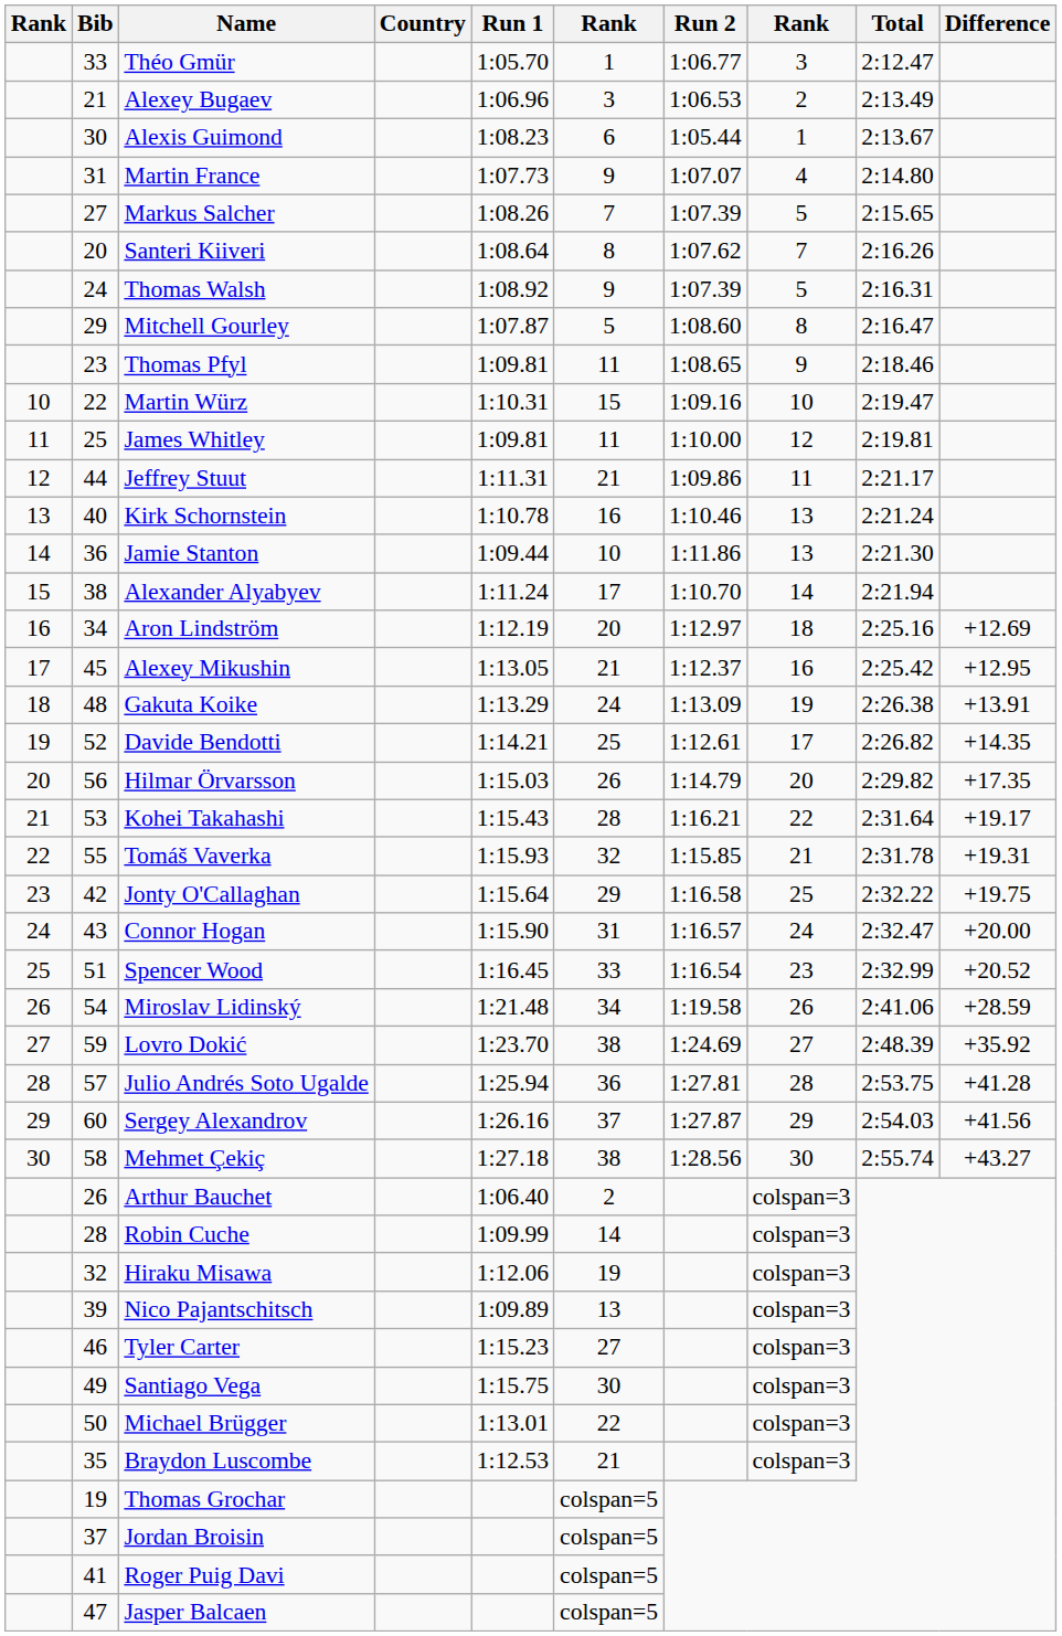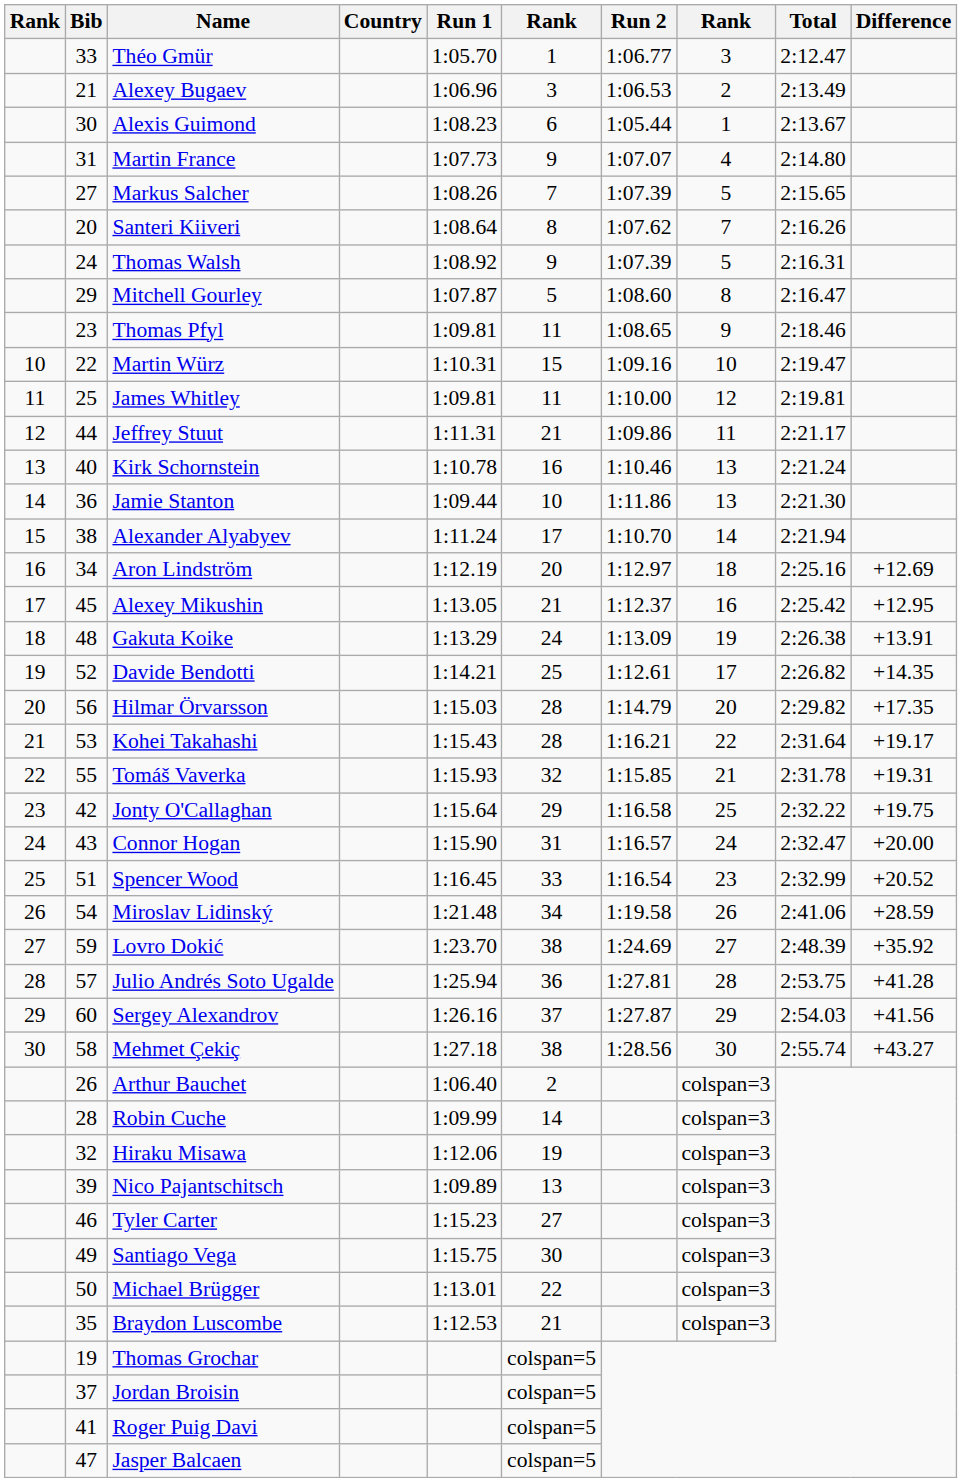 <table class="wikitable sortable" style="text-align:center">
 <tr>
 <th>Rank</th>
 <th>Bib</th>
 <th>Name</th>
 <th>Country</th>
 <th>Run 1</th>
 <th>Rank</th>
 <th>Run 2</th>
 <th>Rank</th>
 <th>Total</th>
 <th>Difference</th>
 </tr>
 <tr>
 <td></td>
 <td>33</td>
 <td align="left"><a href='#'>Théo Gmür</a></td>
 <td align="left"></td>
 <td>1:05.70</td>
 <td>1</td>
 <td>1:06.77</td>
 <td>3</td>
 <td>2:12.47</td>
 <td></td>
 </tr>
 <tr>
 <td></td>
 <td>21</td>
 <td align="left"><a href='#'>Alexey Bugaev</a></td>
 <td align="left"></td>
 <td>1:06.96</td>
 <td>3</td>
 <td>1:06.53</td>
 <td>2</td>
 <td>2:13.49</td>
 <td></td>
 </tr>
 <tr>
 <td></td>
 <td>30</td>
 <td align="left"><a href='#'>Alexis Guimond</a></td>
 <td align="left"></td>
 <td>1:08.23</td>
 <td>6</td>
 <td>1:05.44</td>
 <td>1</td>
 <td>2:13.67</td>
 <td></td>
 </tr>
 <tr>
 <td></td>
 <td>31</td>
 <td align="left"><a href='#'>Martin France</a></td>
 <td align="left"></td>
 <td>1:07.73</td>
 <td>9</td>
 <td>1:07.07</td>
 <td>4</td>
 <td>2:14.80</td>
 <td></td>
 </tr>
 <tr>
 <td></td>
 <td>27</td>
 <td align="left"><a href='#'>Markus Salcher</a></td>
 <td align="left"></td>
 <td>1:08.26</td>
 <td>7</td>
 <td>1:07.39</td>
 <td>5</td>
 <td>2:15.65</td>
 <td></td>
 </tr>
 <tr>
 <td></td>
 <td>20</td>
 <td align="left"><a href='#'>Santeri Kiiveri</a></td>
 <td align="left"></td>
 <td>1:08.64</td>
 <td>8</td>
 <td>1:07.62</td>
 <td>7</td>
 <td>2:16.26</td>
 <td></td>
 </tr>
 <tr>
 <td></td>
 <td>24</td>
 <td align="left"><a href='#'>Thomas Walsh</a></td>
 <td align="left"></td>
 <td>1:08.92</td>
 <td>9</td>
 <td>1:07.39</td>
 <td>5</td>
 <td>2:16.31</td>
 <td></td>
 </tr>
 <tr>
 <td></td>
 <td>29</td>
 <td align="left"><a href='#'>Mitchell Gourley</a></td>
 <td align="left"></td>
 <td>1:07.87</td>
 <td>5</td>
 <td>1:08.60</td>
 <td>8</td>
 <td>2:16.47</td>
 <td></td>
 </tr>
 <tr>
 <td></td>
 <td>23</td>
 <td align="left"><a href='#'>Thomas Pfyl</a></td>
 <td align="left"></td>
 <td>1:09.81</td>
 <td>11</td>
 <td>1:08.65</td>
 <td>9</td>
 <td>2:18.46</td>
 <td></td>
 </tr>
 <tr>
 <td>10</td>
 <td>22</td>
 <td align="left"><a href='#'>Martin Würz</a></td>
 <td align="left"></td>
 <td>1:10.31</td>
 <td>15</td>
 <td>1:09.16</td>
 <td>10</td>
 <td>2:19.47</td>
 <td></td>
 </tr>
 <tr>
 <td>11</td>
 <td>25</td>
 <td align="left"><a href='#'>James Whitley</a></td>
 <td align="left"></td>
 <td>1:09.81</td>
 <td>11</td>
 <td>1:10.00</td>
 <td>12</td>
 <td>2:19.81</td>
 <td></td>
 </tr>
 <tr>
 <td>12</td>
 <td>44</td>
 <td align="left"><a href='#'>Jeffrey Stuut</a></td>
 <td align="left"></td>
 <td>1:11.31</td>
 <td>21</td>
 <td>1:09.86</td>
 <td>11</td>
 <td>2:21.17</td>
 <td></td>
 </tr>
 <tr>
 <td>13</td>
 <td>40</td>
 <td align="left"><a href='#'>Kirk Schornstein</a></td>
 <td align="left"></td>
 <td>1:10.78</td>
 <td>16</td>
 <td>1:10.46</td>
 <td>13</td>
 <td>2:21.24</td>
 <td></td>
 </tr>
 <tr>
 <td>14</td>
 <td>36</td>
 <td align="left"><a href='#'>Jamie Stanton</a></td>
 <td align="left"></td>
 <td>1:09.44</td>
 <td>10</td>
 <td>1:11.86</td>
 <td>13</td>
 <td>2:21.30</td>
 <td></td>
 </tr>
 <tr>
 <td>15</td>
 <td>38</td>
 <td align="left"><a href='#'>Alexander Alyabyev</a></td>
 <td align="left"></td>
 <td>1:11.24</td>
 <td>17</td>
 <td>1:10.70</td>
 <td>14</td>
 <td>2:21.94</td>
 <td></td>
 </tr>
 <tr>
 <td>16</td>
 <td>34</td>
 <td align="left"><a href='#'>Aron Lindström</a></td>
 <td align="left"></td>
 <td>1:12.19</td>
 <td>20</td>
 <td>1:12.97</td>
 <td>18</td>
 <td>2:25.16</td>
 <td>+12.69</td>
 </tr>
 <tr>
 <td>17</td>
 <td>45</td>
 <td align="left"><a href='#'>Alexey Mikushin</a></td>
 <td align="left"></td>
 <td>1:13.05</td>
 <td>21</td>
 <td>1:12.37</td>
 <td>16</td>
 <td>2:25.42</td>
 <td>+12.95</td>
 </tr>
 <tr>
 <td>18</td>
 <td>48</td>
 <td align="left"><a href='#'>Gakuta Koike</a></td>
 <td align="left"></td>
 <td>1:13.29</td>
 <td>24</td>
 <td>1:13.09</td>
 <td>19</td>
 <td>2:26.38</td>
 <td>+13.91</td>
 </tr>
 <tr>
 <td>19</td>
 <td>52</td>
 <td align="left"><a href='#'>Davide Bendotti</a></td>
 <td align="left"></td>
 <td>1:14.21</td>
 <td>25</td>
 <td>1:12.61</td>
 <td>17</td>
 <td>2:26.82</td>
 <td>+14.35</td>
 </tr>
 <tr>
 <td>20</td>
 <td>56</td>
 <td align="left"><a href='#'>Hilmar Örvarsson</a></td>
 <td align="left"></td>
 <td>1:15.03</td>
-<td>26</td>
+<td>28</td>
 <td>1:14.79</td>
 <td>20</td>
 <td>2:29.82</td>
 <td>+17.35</td>
 </tr>
 <tr>
 <td>21</td>
 <td>53</td>
 <td align="left"><a href='#'>Kohei Takahashi</a></td>
 <td align="left"></td>
 <td>1:15.43</td>
 <td>28</td>
 <td>1:16.21</td>
 <td>22</td>
 <td>2:31.64</td>
 <td>+19.17</td>
 </tr>
 <tr>
 <td>22</td>
 <td>55</td>
 <td align="left"><a href='#'>Tomáš Vaverka</a></td>
 <td align="left"></td>
 <td>1:15.93</td>
 <td>32</td>
 <td>1:15.85</td>
 <td>21</td>
 <td>2:31.78</td>
 <td>+19.31</td>
 </tr>
 <tr>
 <td>23</td>
 <td>42</td>
 <td align="left"><a href='#'>Jonty O'Callaghan</a></td>
 <td align="left"></td>
 <td>1:15.64</td>
 <td>29</td>
 <td>1:16.58</td>
 <td>25</td>
 <td>2:32.22</td>
 <td>+19.75</td>
 </tr>
 <tr>
 <td>24</td>
 <td>43</td>
 <td align="left"><a href='#'>Connor Hogan</a></td>
 <td align="left"></td>
 <td>1:15.90</td>
 <td>31</td>
 <td>1:16.57</td>
 <td>24</td>
 <td>2:32.47</td>
 <td>+20.00</td>
 </tr>
 <tr>
 <td>25</td>
 <td>51</td>
 <td align="left"><a href='#'>Spencer Wood</a></td>
 <td align="left"></td>
 <td>1:16.45</td>
 <td>33</td>
 <td>1:16.54</td>
 <td>23</td>
 <td>2:32.99</td>
 <td>+20.52</td>
 </tr>
 <tr>
 <td>26</td>
 <td>54</td>
 <td align="left"><a href='#'>Miroslav Lidinský</a></td>
 <td align="left"></td>
 <td>1:21.48</td>
 <td>34</td>
 <td>1:19.58</td>
 <td>26</td>
 <td>2:41.06</td>
 <td>+28.59</td>
 </tr>
 <tr>
 <td>27</td>
 <td>59</td>
 <td align="left"><a href='#'>Lovro Dokić</a></td>
 <td align="left"></td>
 <td>1:23.70</td>
 <td>38</td>
 <td>1:24.69</td>
 <td>27</td>
 <td>2:48.39</td>
 <td>+35.92</td>
 </tr>
 <tr>
 <td>28</td>
 <td>57</td>
 <td align="left"><a href='#'>Julio Andrés Soto Ugalde</a></td>
 <td align="left"></td>
 <td>1:25.94</td>
 <td>36</td>
 <td>1:27.81</td>
 <td>28</td>
 <td>2:53.75</td>
 <td>+41.28</td>
 </tr>
 <tr>
 <td>29</td>
 <td>60</td>
 <td align="left"><a href='#'>Sergey Alexandrov</a></td>
 <td align="left"></td>
 <td>1:26.16</td>
 <td>37</td>
 <td>1:27.87</td>
 <td>29</td>
 <td>2:54.03</td>
 <td>+41.56</td>
 </tr>
 <tr>
 <td>30</td>
 <td>58</td>
 <td align="left"><a href='#'>Mehmet Çekiç</a></td>
 <td align="left"></td>
 <td>1:27.18</td>
 <td>38</td>
 <td>1:28.56</td>
 <td>30</td>
 <td>2:55.74</td>
 <td>+43.27</td>
 </tr>
 <tr>
 <td></td>
 <td>26</td>
 <td align="left"><a href='#'>Arthur Bauchet</a></td>
 <td align="left"></td>
 <td>1:06.40</td>
 <td>2</td>
 <td></td>
 <td>colspan=3 </td>
 </tr>
 <tr>
 <td></td>
 <td>28</td>
 <td align="left"><a href='#'>Robin Cuche</a></td>
 <td align="left"></td>
 <td>1:09.99</td>
 <td>14</td>
 <td></td>
 <td>colspan=3 </td>
 </tr>
 <tr>
 <td></td>
 <td>32</td>
 <td align="left"><a href='#'>Hiraku Misawa</a></td>
 <td align="left"></td>
 <td>1:12.06</td>
 <td>19</td>
 <td></td>
 <td>colspan=3 </td>
 </tr>
 <tr>
 <td></td>
 <td>39</td>
 <td align="left"><a href='#'>Nico Pajantschitsch</a></td>
 <td align="left"></td>
 <td>1:09.89</td>
 <td>13</td>
 <td></td>
 <td>colspan=3 </td>
 </tr>
 <tr>
 <td></td>
 <td>46</td>
 <td align="left"><a href='#'>Tyler Carter</a></td>
 <td align="left"></td>
 <td>1:15.23</td>
 <td>27</td>
 <td></td>
 <td>colspan=3 </td>
 </tr>
 <tr>
 <td></td>
 <td>49</td>
 <td align="left"><a href='#'>Santiago Vega</a></td>
 <td align="left"></td>
 <td>1:15.75</td>
 <td>30</td>
 <td></td>
 <td>colspan=3 </td>
 </tr>
 <tr>
 <td></td>
 <td>50</td>
 <td align="left"><a href='#'>Michael Brügger</a></td>
 <td align="left"></td>
 <td>1:13.01</td>
 <td>22</td>
 <td></td>
 <td>colspan=3 </td>
 </tr>
 <tr>
 <td></td>
 <td>35</td>
 <td align="left"><a href='#'>Braydon Luscombe</a></td>
 <td align="left"></td>
 <td>1:12.53</td>
 <td>21</td>
 <td></td>
 <td>colspan=3 </td>
 </tr>
 <tr>
 <td></td>
 <td>19</td>
 <td align="left"><a href='#'>Thomas Grochar</a></td>
 <td align="left"></td>
 <td></td>
 <td>colspan=5 </td>
 </tr>
 <tr>
 <td></td>
 <td>37</td>
 <td align="left"><a href='#'>Jordan Broisin</a></td>
 <td align="left"></td>
 <td></td>
 <td>colspan=5 </td>
 </tr>
 <tr>
 <td></td>
 <td>41</td>
 <td align="left"><a href='#'>Roger Puig Davi</a></td>
 <td align="left"></td>
 <td></td>
 <td>colspan=5 </td>
 </tr>
 <tr>
 <td></td>
 <td>47</td>
 <td align="left"><a href='#'>Jasper Balcaen</a></td>
 <td align="left"></td>
 <td></td>
 <td>colspan=5 </td>
 </tr>
 </table>
